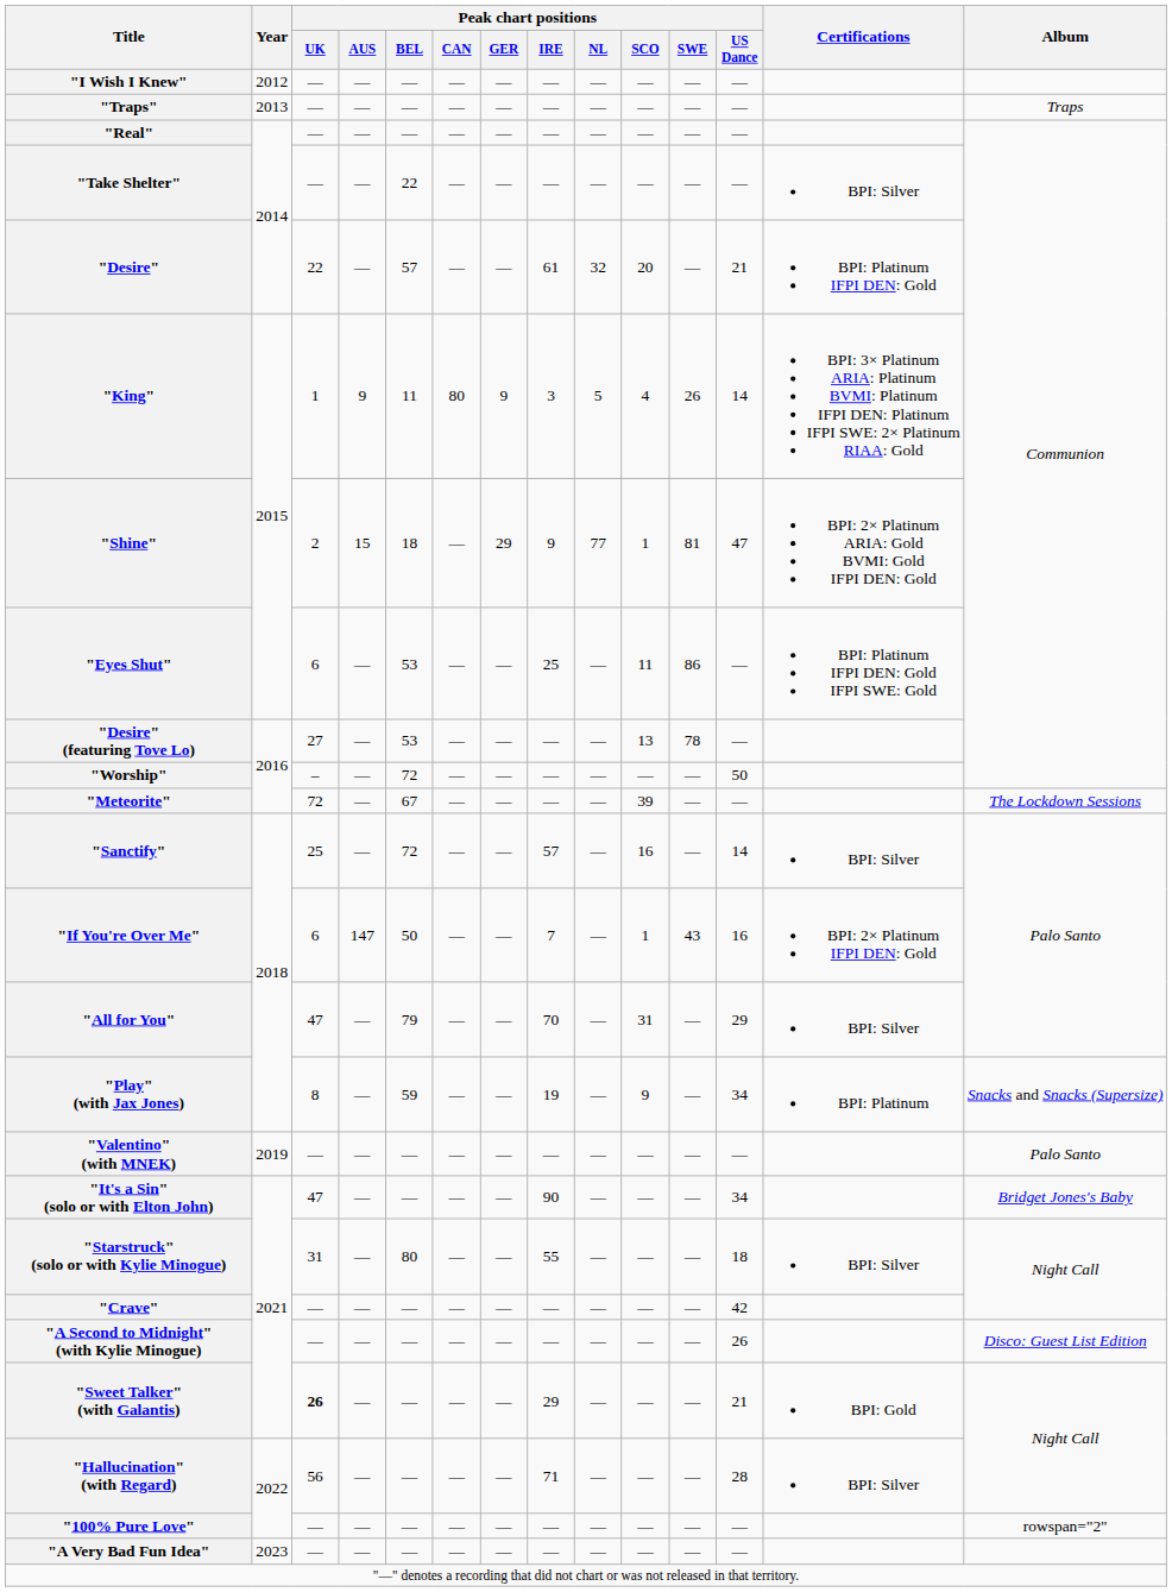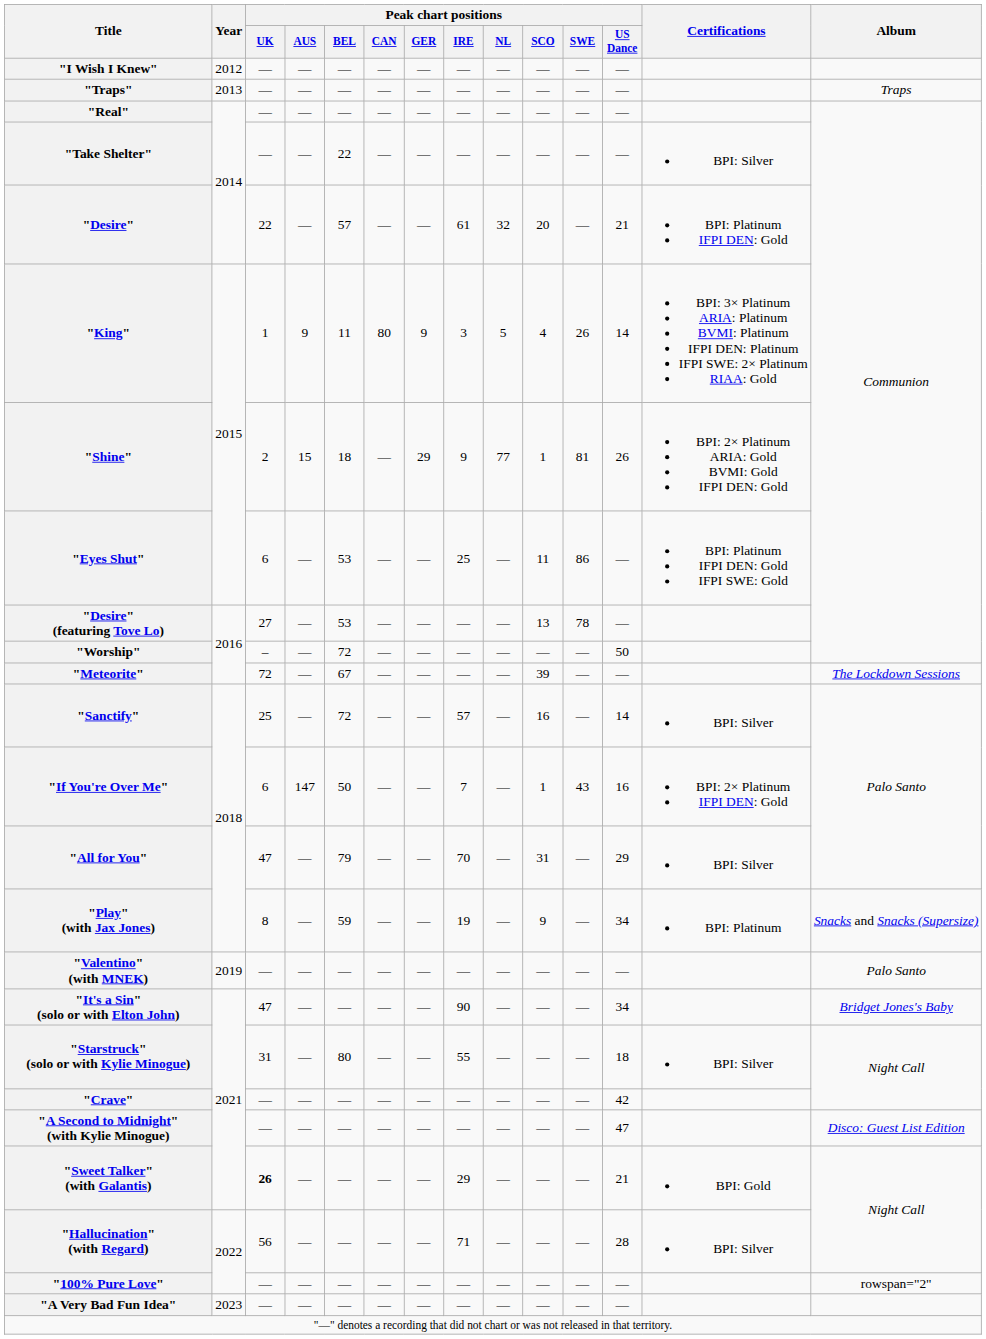 <table class="wikitable plainrowheaders" style="text-align:center;">
 <tr>
 <th scope="col" rowspan="2" style="width:15em;">Title</th>
 <th scope="col" rowspan="2" style="width:1em;">Year</th>
 <th scope="col" colspan="10">Peak chart positions</th>
 <th scope="col" rowspan="2"><a href='#'>Certifications</a></th>
 <th scope="col" rowspan="2">Album</th>
 </tr>
 <tr>
 <th scope="col" style="width:3em;font-size:85%;"><a href='#'>UK</a><br></th>
 <th scope="col" style="width:3em;font-size:85%;"><a href='#'>AUS</a><br></th>
 <th scope="col" style="width:3em;font-size:85%;"><a href='#'>BEL</a><br></th>
 <th scope="col" style="width:3em;font-size:85%;"><a href='#'>CAN</a><br></th>
 <th scope="col" style="width:3em;font-size:85%;"><a href='#'>GER</a><br></th>
 <th scope="col" style="width:3em;font-size:85%;"><a href='#'>IRE</a><br></th>
 <th scope="col" style="width:3em;font-size:85%;"><a href='#'>NL</a><br></th>
 <th scope="col" style="width:3em;font-size:85%;"><a href='#'>SCO</a><br></th>
 <th scope="col" style="width:3em;font-size:85%;"><a href='#'>SWE</a><br></th>
 <th scope="col" style="width:3em;font-size:85%;"><a href='#'>US<br>Dance</a><br></th>
 </tr>
 <tr>
 <th scope="row">"I Wish I Knew"</th>
 <td>2012</td>
 <td>—</td>
 <td>—</td>
 <td>—</td>
 <td>—</td>
 <td>—</td>
 <td>—</td>
 <td>—</td>
 <td>—</td>
 <td>—</td>
 <td>—</td>
 <td></td>
 <td></td>
 </tr>
 <tr>
 <th scope="row">"Traps"</th>
 <td>2013</td>
 <td>—</td>
 <td>—</td>
 <td>—</td>
 <td>—</td>
 <td>—</td>
 <td>—</td>
 <td>—</td>
 <td>—</td>
 <td>—</td>
 <td>—</td>
 <td></td>
 <td><em>Traps</em></td>
 </tr>
 <tr>
 <th scope="row">"Real"</th>
 <td rowspan="3">2014</td>
 <td>—</td>
 <td>—</td>
 <td>—</td>
 <td>—</td>
 <td>—</td>
 <td>—</td>
 <td>—</td>
 <td>—</td>
 <td>—</td>
 <td>—</td>
 <td></td>
 <td rowspan="8"><em>Communion</em></td>
 </tr>
 <tr>
 <th scope="row">"Take Shelter"</th>
 <td>—</td>
 <td>—</td>
 <td>22</td>
 <td>—</td>
 <td>—</td>
 <td>—</td>
 <td>—</td>
 <td>—</td>
 <td>—</td>
 <td>—</td>
 <td><br><ul><li>BPI: Silver</li></ul></td>
 </tr>
 <tr>
 <th scope="row">"<a href='#'>Desire</a>"</th>
 <td>22</td>
 <td>—</td>
 <td>57</td>
 <td>—</td>
 <td>—</td>
 <td>61</td>
 <td>32</td>
 <td>20</td>
 <td>—</td>
 <td>21</td>
 <td><br><ul><li>BPI: Platinum</li><li><a href='#'>IFPI DEN</a>: Gold</li></ul></td>
 </tr>
 <tr>
 <th scope="row">"<a href='#'>King</a>"</th>
 <td rowspan="3">2015</td>
 <td>1</td>
 <td>9</td>
 <td>11</td>
 <td>80</td>
 <td>9</td>
 <td>3</td>
 <td>5</td>
 <td>4</td>
 <td>26</td>
 <td>14</td>
 <td><br><ul><li>BPI: 3× Platinum</li><li><a href='#'>ARIA</a>: Platinum</li><li><a href='#'>BVMI</a>: Platinum</li><li>IFPI DEN: Platinum</li><li>IFPI SWE: 2× Platinum</li><li><a href='#'>RIAA</a>: Gold</li></ul></td>
 </tr>
 <tr>
 <th scope="row">"<a href='#'>Shine</a>"</th>
 <td>2</td>
 <td>15</td>
 <td>18</td>
 <td>—</td>
 <td>29</td>
 <td>9</td>
 <td>77</td>
 <td>1</td>
 <td>81</td>
-<td>47</td>
+<td>26</td>
 <td><br><ul><li>BPI: 2× Platinum</li><li>ARIA: Gold</li><li>BVMI: Gold</li><li>IFPI DEN: Gold</li></ul></td>
 </tr>
 <tr>
 <th scope="row">"<a href='#'>Eyes Shut</a>"</th>
 <td>6</td>
 <td>—</td>
 <td>53</td>
 <td>—</td>
 <td>—</td>
 <td>25</td>
 <td>—</td>
 <td>11</td>
 <td>86</td>
 <td>—</td>
 <td><br><ul><li>BPI: Platinum</li><li>IFPI DEN: Gold</li><li>IFPI SWE: Gold</li></ul></td>
 </tr>
 <tr>
 <th scope="row">"<a href='#'>Desire</a>"<br>(featuring <a href='#'>Tove Lo</a>)</th>
 <td rowspan="3">2016</td>
 <td>27</td>
 <td>—</td>
 <td>53</td>
 <td>—</td>
 <td>—</td>
 <td>—</td>
 <td>—</td>
 <td>13</td>
 <td>78</td>
 <td>—</td>
 <td></td>
 </tr>
 <tr>
 <th scope="row">"Worship"</th>
 <td>–</td>
 <td>—</td>
 <td>72</td>
 <td>—</td>
 <td>—</td>
 <td>—</td>
 <td>—</td>
 <td>—</td>
 <td>—</td>
 <td>50</td>
 <td></td>
 </tr>
 <tr>
 <th scope="row">"<a href='#'>Meteorite</a>"</th>
 <td>72</td>
 <td>—</td>
 <td>67</td>
 <td>—</td>
 <td>—</td>
 <td>—</td>
 <td>—</td>
 <td>39</td>
 <td>—</td>
 <td>—</td>
 <td></td>
 <td><em><a href='#'>The Lockdown Sessions</a></em></td>
 </tr>
 <tr>
 <th scope="row">"<a href='#'>Sanctify</a>"</th>
 <td rowspan="4">2018</td>
 <td>25</td>
 <td>—</td>
 <td>72</td>
 <td>—</td>
 <td>—</td>
 <td>57</td>
 <td>—</td>
 <td>16</td>
 <td>—</td>
 <td>14</td>
 <td><br><ul><li>BPI: Silver</li></ul></td>
 <td rowspan="3"><em>Palo Santo</em></td>
 </tr>
 <tr>
 <th scope="row">"<a href='#'>If You're Over Me</a>"</th>
 <td>6</td>
 <td>147</td>
 <td>50</td>
 <td>—</td>
 <td>—</td>
 <td>7</td>
 <td>—</td>
 <td>1</td>
 <td>43</td>
 <td>16</td>
 <td><br><ul><li>BPI: 2× Platinum</li><li><a href='#'>IFPI DEN</a>: Gold</li></ul></td>
 </tr>
 <tr>
 <th scope="row">"<a href='#'>All for You</a>"</th>
 <td>47</td>
 <td>—</td>
 <td>79</td>
 <td>—</td>
 <td>—</td>
 <td>70</td>
 <td>—</td>
 <td>31</td>
 <td>—</td>
 <td>29</td>
 <td><br><ul><li>BPI: Silver</li></ul></td>
 </tr>
 <tr>
 <th scope="row">"<a href='#'>Play</a>"<br>(with <a href='#'>Jax Jones</a>)</th>
 <td>8</td>
 <td>—</td>
 <td>59</td>
 <td>—</td>
 <td>—</td>
 <td>19</td>
 <td>—</td>
 <td>9</td>
 <td>—</td>
 <td>34</td>
 <td><br><ul><li>BPI: Platinum</li></ul></td>
 <td><em><a href='#'>Snacks</a></em> and <em><a href='#'>Snacks (Supersize)</a></em></td>
 </tr>
 <tr>
 <th scope="row">"<a href='#'>Valentino</a>"<br>(with <a href='#'>MNEK</a>)</th>
 <td>2019</td>
 <td>—</td>
 <td>—</td>
 <td>—</td>
 <td>—</td>
 <td>—</td>
 <td>—</td>
 <td>—</td>
 <td>—</td>
 <td>—</td>
 <td>—</td>
 <td></td>
 <td><em>Palo Santo</em></td>
 </tr>
 <tr>
 <th scope="row">"<a href='#'>It's a Sin</a>"<br>(solo or with <a href='#'>Elton John</a>)</th>
 <td rowspan="5">2021</td>
 <td>47</td>
 <td>—</td>
 <td>—</td>
 <td>—</td>
 <td>—</td>
 <td>90</td>
 <td>—</td>
 <td>—</td>
 <td>—</td>
 <td>34</td>
 <td></td>
 <td><em><a href='#'>Bridget Jones's Baby</a></em></td>
 </tr>
 <tr>
 <th scope="row">"<a href='#'>Starstruck</a>"<br>(solo or with <a href='#'>Kylie Minogue</a>)</th>
 <td>31</td>
 <td>—</td>
 <td>80</td>
 <td>—</td>
 <td>—</td>
 <td>55</td>
 <td>—</td>
 <td>—</td>
 <td>—</td>
 <td>18</td>
 <td><br><ul><li>BPI: Silver</li></ul></td>
 <td rowspan="2"><em>Night Call</em></td>
 </tr>
 <tr>
 <th scope="row">"<a href='#'>Crave</a>"</th>
 <td>—</td>
 <td>—</td>
 <td>—</td>
 <td>—</td>
 <td>—</td>
 <td>—</td>
 <td>—</td>
 <td>—</td>
 <td>—</td>
 <td>42</td>
 <td></td>
 </tr>
 <tr>
 <th scope="row">"<a href='#'>A Second to Midnight</a>"<br>(with Kylie Minogue)</th>
 <td>—</td>
 <td>—</td>
 <td>—</td>
 <td>—</td>
 <td>—</td>
 <td>—</td>
 <td>—</td>
 <td>—</td>
 <td>—</td>
-<td>26</td>
+<td>47</td>
 <td></td>
 <td><em><a href='#'>Disco: Guest List Edition</a></em></td>
 </tr>
 <tr>
 <th scope="row">"<a href='#'>Sweet Talker</a>"<br>(with <a href='#'>Galantis</a>)</th>
 <td><strong>26</strong></td>
 <td>—</td>
 <td>—</td>
 <td>—</td>
 <td>—</td>
 <td>29</td>
 <td>—</td>
 <td>—</td>
 <td>—</td>
 <td>21</td>
 <td><br><ul><li>BPI: Gold</li></ul></td>
 <td rowspan="2"><em>Night Call</em></td>
 </tr>
 <tr>
 <th scope="row">"<a href='#'>Hallucination</a>"<br>(with <a href='#'>Regard</a>)</th>
 <td rowspan="2">2022</td>
 <td>56</td>
 <td>—</td>
 <td>—</td>
 <td>—</td>
 <td>—</td>
 <td>71</td>
 <td>—</td>
 <td>—</td>
 <td>—</td>
 <td>28</td>
 <td><br><ul><li>BPI: Silver</li></ul></td>
 </tr>
 <tr>
 <th scope="row">"<a href='#'>100% Pure Love</a>"</th>
 <td>—</td>
 <td>—</td>
 <td>—</td>
 <td>—</td>
 <td>—</td>
 <td>—</td>
 <td>—</td>
 <td>—</td>
 <td>—</td>
 <td>—</td>
 <td></td>
 <td>rowspan="2" </td>
 </tr>
 <tr>
 <th scope="row">"A Very Bad Fun Idea"</th>
 <td>2023</td>
 <td>—</td>
 <td>—</td>
 <td>—</td>
 <td>—</td>
 <td>—</td>
 <td>—</td>
 <td>—</td>
 <td>—</td>
 <td>—</td>
 <td>—</td>
 <td></td>
 </tr>
 <tr>
 <td colspan="15" style="font-size:85%">"—" denotes a recording that did not chart or was not released in that territory.</td>
 </tr>
 </table>
